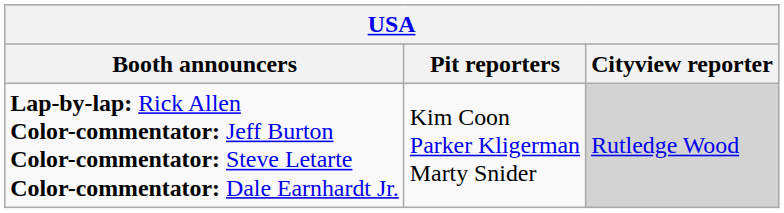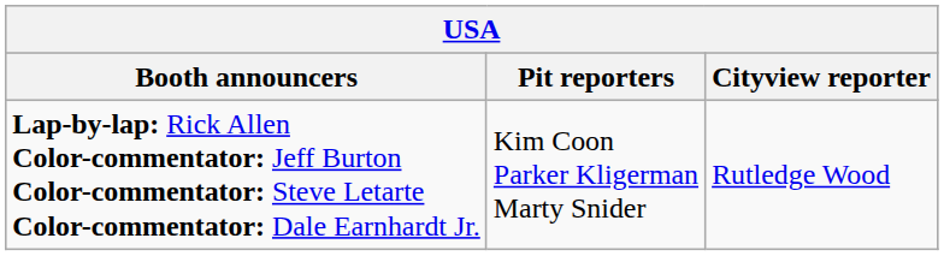 <table class="wikitable" style="font-size: 95%">
 <tr>
 <th colspan="3"><a href='#'>USA</a></th>
 </tr>
 <tr>
 <th>Booth announcers</th>
 <th>Pit reporters</th>
 <th>Cityview reporter</th>
 </tr>
 <tr>
 <td><strong>Lap-by-lap:</strong> <a href='#'>Rick Allen</a><br><strong>Color-commentator:</strong> <a href='#'>Jeff Burton</a><br><strong>Color-commentator:</strong> <a href='#'>Steve Letarte</a><br><strong>Color-commentator:</strong> <a href='#'>Dale Earnhardt Jr.</a></td>
 <td>Kim Coon<br><a href='#'>Parker Kligerman</a><br>Marty Snider</td>
-<td style="background: lightgrey;"><a href='#'>Rutledge Wood</a></td>
+<td><a href='#'>Rutledge Wood</a></td>
 </tr>
 </table>
